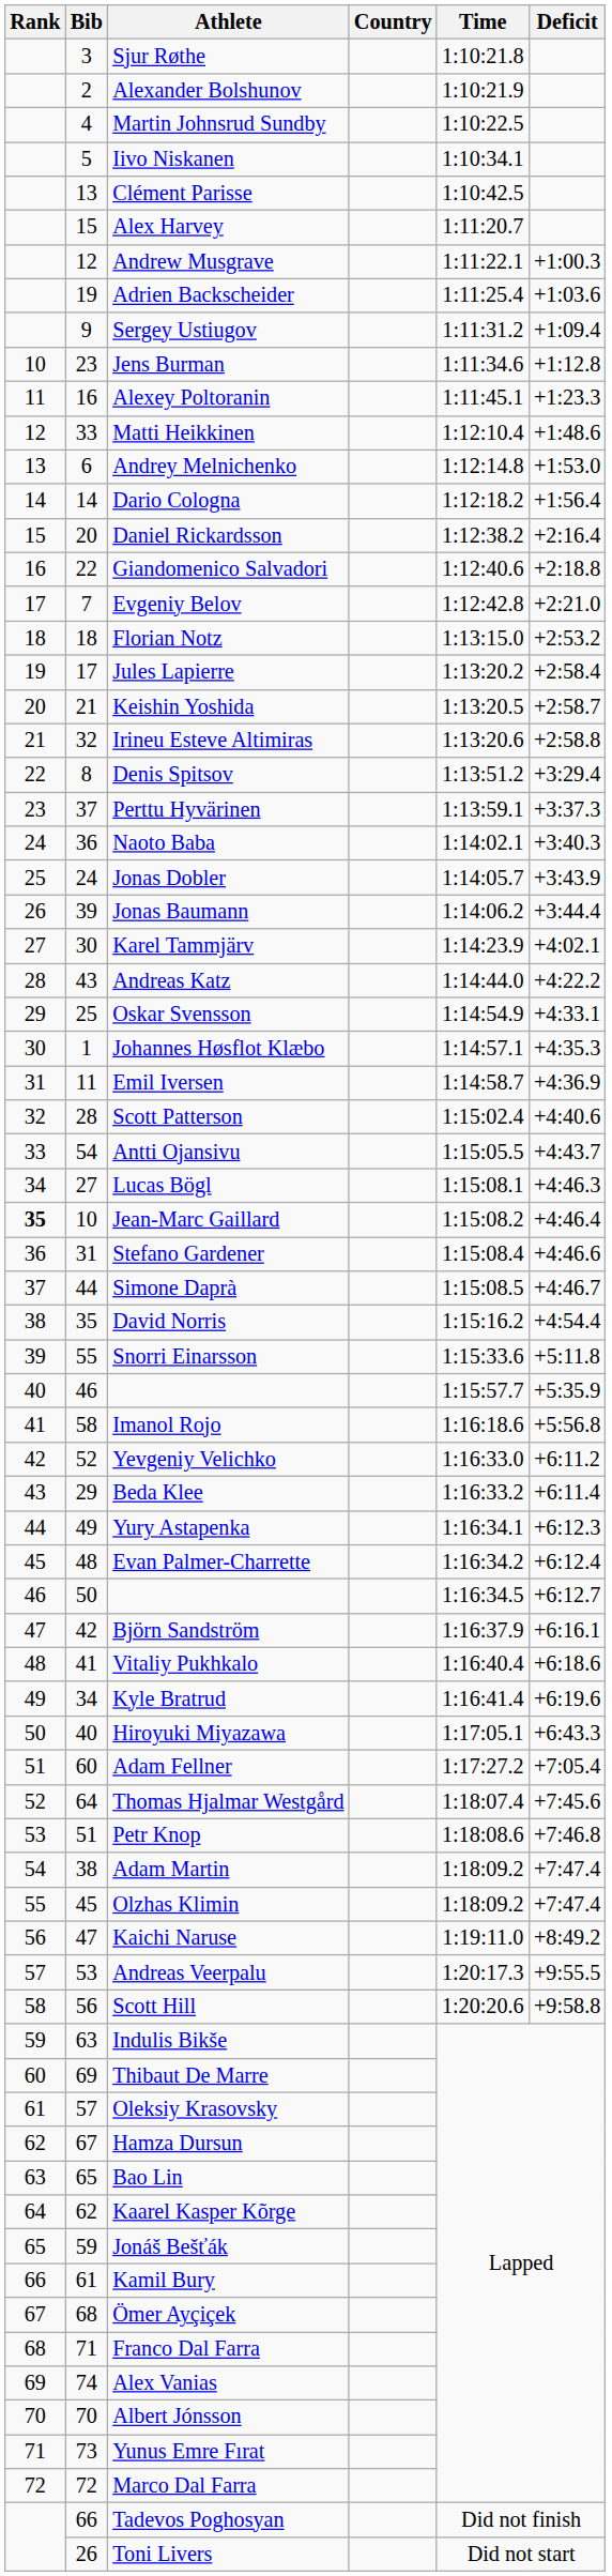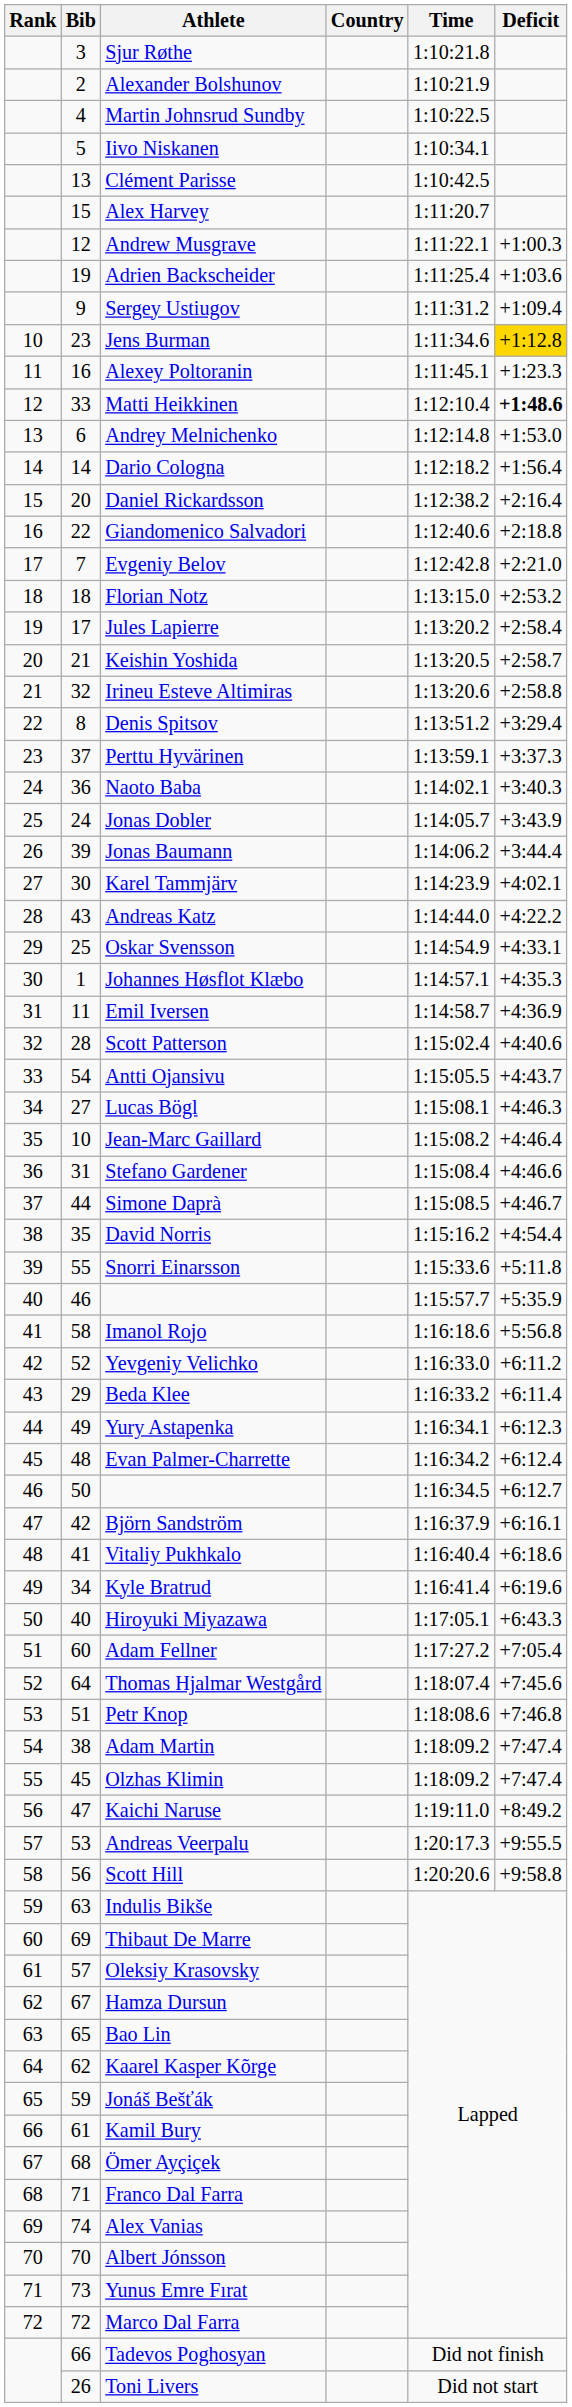 <table class="wikitable sortable" style="text-align:center">
 <tr>
 <th>Rank</th>
 <th>Bib</th>
 <th>Athlete</th>
 <th>Country</th>
 <th>Time</th>
 <th>Deficit</th>
 </tr>
 <tr>
 <td></td>
 <td>3</td>
 <td align=left><a href='#'>Sjur Røthe</a></td>
 <td align=left></td>
 <td>1:10:21.8</td>
 <td></td>
 </tr>
 <tr>
 <td></td>
 <td>2</td>
 <td align=left><a href='#'>Alexander Bolshunov</a></td>
 <td align=left></td>
 <td>1:10:21.9</td>
 <td></td>
 </tr>
 <tr>
 <td></td>
 <td>4</td>
 <td align=left><a href='#'>Martin Johnsrud Sundby</a></td>
 <td align=left></td>
 <td>1:10:22.5</td>
 <td></td>
 </tr>
 <tr>
 <td></td>
 <td>5</td>
 <td align=left><a href='#'>Iivo Niskanen</a></td>
 <td align=left></td>
 <td>1:10:34.1</td>
 <td></td>
 </tr>
 <tr>
 <td></td>
 <td>13</td>
 <td align=left><a href='#'>Clément Parisse</a></td>
 <td align=left></td>
 <td>1:10:42.5</td>
 <td></td>
 </tr>
 <tr>
 <td></td>
 <td>15</td>
 <td align=left><a href='#'>Alex Harvey</a></td>
 <td align=left></td>
 <td>1:11:20.7</td>
 <td></td>
 </tr>
 <tr>
 <td></td>
 <td>12</td>
 <td align=left><a href='#'>Andrew Musgrave</a></td>
 <td align=left></td>
 <td>1:11:22.1</td>
 <td>+1:00.3</td>
 </tr>
 <tr>
 <td></td>
 <td>19</td>
 <td align=left><a href='#'>Adrien Backscheider</a></td>
 <td align=left></td>
 <td>1:11:25.4</td>
 <td>+1:03.6</td>
 </tr>
 <tr>
 <td></td>
 <td>9</td>
 <td align=left><a href='#'>Sergey Ustiugov</a></td>
 <td align=left></td>
 <td>1:11:31.2</td>
 <td>+1:09.4</td>
 </tr>
 <tr>
 <td>10</td>
 <td>23</td>
 <td align=left><a href='#'>Jens Burman</a></td>
 <td align=left></td>
 <td>1:11:34.6</td>
-<td>+1:12.8</td>
+<td style="background: gold;">+1:12.8</td>
 </tr>
 <tr>
 <td>11</td>
 <td>16</td>
 <td align=left><a href='#'>Alexey Poltoranin</a></td>
 <td align=left></td>
 <td>1:11:45.1</td>
 <td>+1:23.3</td>
 </tr>
 <tr>
 <td>12</td>
 <td>33</td>
 <td align=left><a href='#'>Matti Heikkinen</a></td>
 <td align=left></td>
 <td>1:12:10.4</td>
-<td>+1:48.6</td>
+<td><strong>+1:48.6</strong></td>
 </tr>
 <tr>
 <td>13</td>
 <td>6</td>
 <td align=left><a href='#'>Andrey Melnichenko</a></td>
 <td align=left></td>
 <td>1:12:14.8</td>
 <td>+1:53.0</td>
 </tr>
 <tr>
 <td>14</td>
 <td>14</td>
 <td align=left><a href='#'>Dario Cologna</a></td>
 <td align=left></td>
 <td>1:12:18.2</td>
 <td>+1:56.4</td>
 </tr>
 <tr>
 <td>15</td>
 <td>20</td>
 <td align=left><a href='#'>Daniel Rickardsson</a></td>
 <td align=left></td>
 <td>1:12:38.2</td>
 <td>+2:16.4</td>
 </tr>
 <tr>
 <td>16</td>
 <td>22</td>
 <td align=left><a href='#'>Giandomenico Salvadori</a></td>
 <td align=left></td>
 <td>1:12:40.6</td>
 <td>+2:18.8</td>
 </tr>
 <tr>
 <td>17</td>
 <td>7</td>
 <td align=left><a href='#'>Evgeniy Belov</a></td>
 <td align=left></td>
 <td>1:12:42.8</td>
 <td>+2:21.0</td>
 </tr>
 <tr>
 <td>18</td>
 <td>18</td>
 <td align=left><a href='#'>Florian Notz</a></td>
 <td align=left></td>
 <td>1:13:15.0</td>
 <td>+2:53.2</td>
 </tr>
 <tr>
 <td>19</td>
 <td>17</td>
 <td align=left><a href='#'>Jules Lapierre</a></td>
 <td align=left></td>
 <td>1:13:20.2</td>
 <td>+2:58.4</td>
 </tr>
 <tr>
 <td>20</td>
 <td>21</td>
 <td align=left><a href='#'>Keishin Yoshida</a></td>
 <td align=left></td>
 <td>1:13:20.5</td>
 <td>+2:58.7</td>
 </tr>
 <tr>
 <td>21</td>
 <td>32</td>
 <td align=left><a href='#'>Irineu Esteve Altimiras</a></td>
 <td align=left></td>
 <td>1:13:20.6</td>
 <td>+2:58.8</td>
 </tr>
 <tr>
 <td>22</td>
 <td>8</td>
 <td align=left><a href='#'>Denis Spitsov</a></td>
 <td align=left></td>
 <td>1:13:51.2</td>
 <td>+3:29.4</td>
 </tr>
 <tr>
 <td>23</td>
 <td>37</td>
 <td align=left><a href='#'>Perttu Hyvärinen</a></td>
 <td align=left></td>
 <td>1:13:59.1</td>
 <td>+3:37.3</td>
 </tr>
 <tr>
 <td>24</td>
 <td>36</td>
 <td align=left><a href='#'>Naoto Baba</a></td>
 <td align=left></td>
 <td>1:14:02.1</td>
 <td>+3:40.3</td>
 </tr>
 <tr>
 <td>25</td>
 <td>24</td>
 <td align=left><a href='#'>Jonas Dobler</a></td>
 <td align=left></td>
 <td>1:14:05.7</td>
 <td>+3:43.9</td>
 </tr>
 <tr>
 <td>26</td>
 <td>39</td>
 <td align=left><a href='#'>Jonas Baumann</a></td>
 <td align=left></td>
 <td>1:14:06.2</td>
 <td>+3:44.4</td>
 </tr>
 <tr>
 <td>27</td>
 <td>30</td>
 <td align=left><a href='#'>Karel Tammjärv</a></td>
 <td align=left></td>
 <td>1:14:23.9</td>
 <td>+4:02.1</td>
 </tr>
 <tr>
 <td>28</td>
 <td>43</td>
 <td align=left><a href='#'>Andreas Katz</a></td>
 <td align=left></td>
 <td>1:14:44.0</td>
 <td>+4:22.2</td>
 </tr>
 <tr>
 <td>29</td>
 <td>25</td>
 <td align=left><a href='#'>Oskar Svensson</a></td>
 <td align=left></td>
 <td>1:14:54.9</td>
 <td>+4:33.1</td>
 </tr>
 <tr>
 <td>30</td>
 <td>1</td>
 <td align=left><a href='#'>Johannes Høsflot Klæbo</a></td>
 <td align=left></td>
 <td>1:14:57.1</td>
 <td>+4:35.3</td>
 </tr>
 <tr>
 <td>31</td>
 <td>11</td>
 <td align=left><a href='#'>Emil Iversen</a></td>
 <td align=left></td>
 <td>1:14:58.7</td>
 <td>+4:36.9</td>
 </tr>
 <tr>
 <td>32</td>
 <td>28</td>
 <td align=left><a href='#'>Scott Patterson</a></td>
 <td align=left></td>
 <td>1:15:02.4</td>
 <td>+4:40.6</td>
 </tr>
 <tr>
 <td>33</td>
 <td>54</td>
 <td align=left><a href='#'>Antti Ojansivu</a></td>
 <td align=left></td>
 <td>1:15:05.5</td>
 <td>+4:43.7</td>
 </tr>
 <tr>
 <td>34</td>
 <td>27</td>
 <td align=left><a href='#'>Lucas Bögl</a></td>
 <td align=left></td>
 <td>1:15:08.1</td>
 <td>+4:46.3</td>
 </tr>
 <tr>
-<td><strong>35</strong></td>
+<td>35</td>
 <td>10</td>
 <td align=left><a href='#'>Jean-Marc Gaillard</a></td>
 <td align=left></td>
 <td>1:15:08.2</td>
 <td>+4:46.4</td>
 </tr>
 <tr>
 <td>36</td>
 <td>31</td>
 <td align=left><a href='#'>Stefano Gardener</a></td>
 <td align=left></td>
 <td>1:15:08.4</td>
 <td>+4:46.6</td>
 </tr>
 <tr>
 <td>37</td>
 <td>44</td>
 <td align=left><a href='#'>Simone Daprà</a></td>
 <td align=left></td>
 <td>1:15:08.5</td>
 <td>+4:46.7</td>
 </tr>
 <tr>
 <td>38</td>
 <td>35</td>
 <td align=left><a href='#'>David Norris</a></td>
 <td align=left></td>
 <td>1:15:16.2</td>
 <td>+4:54.4</td>
 </tr>
 <tr>
 <td>39</td>
 <td>55</td>
 <td align=left><a href='#'>Snorri Einarsson</a></td>
 <td align=left></td>
 <td>1:15:33.6</td>
 <td>+5:11.8</td>
 </tr>
 <tr>
 <td>40</td>
 <td>46</td>
 <td align=left></td>
 <td align=left></td>
 <td>1:15:57.7</td>
 <td>+5:35.9</td>
 </tr>
 <tr>
 <td>41</td>
 <td>58</td>
 <td align=left><a href='#'>Imanol Rojo</a></td>
 <td align=left></td>
 <td>1:16:18.6</td>
 <td>+5:56.8</td>
 </tr>
 <tr>
 <td>42</td>
 <td>52</td>
 <td align=left><a href='#'>Yevgeniy Velichko</a></td>
 <td align=left></td>
 <td>1:16:33.0</td>
 <td>+6:11.2</td>
 </tr>
 <tr>
 <td>43</td>
 <td>29</td>
 <td align=left><a href='#'>Beda Klee</a></td>
 <td align=left></td>
 <td>1:16:33.2</td>
 <td>+6:11.4</td>
 </tr>
 <tr>
 <td>44</td>
 <td>49</td>
 <td align=left><a href='#'>Yury Astapenka</a></td>
 <td align=left></td>
 <td>1:16:34.1</td>
 <td>+6:12.3</td>
 </tr>
 <tr>
 <td>45</td>
 <td>48</td>
 <td align=left><a href='#'>Evan Palmer-Charrette</a></td>
 <td align=left></td>
 <td>1:16:34.2</td>
 <td>+6:12.4</td>
 </tr>
 <tr>
 <td>46</td>
 <td>50</td>
 <td align=left></td>
 <td align=left></td>
 <td>1:16:34.5</td>
 <td>+6:12.7</td>
 </tr>
 <tr>
 <td>47</td>
 <td>42</td>
 <td align=left><a href='#'>Björn Sandström</a></td>
 <td align=left></td>
 <td>1:16:37.9</td>
 <td>+6:16.1</td>
 </tr>
 <tr>
 <td>48</td>
 <td>41</td>
 <td align=left><a href='#'>Vitaliy Pukhkalo</a></td>
 <td align=left></td>
 <td>1:16:40.4</td>
 <td>+6:18.6</td>
 </tr>
 <tr>
 <td>49</td>
 <td>34</td>
 <td align=left><a href='#'>Kyle Bratrud</a></td>
 <td align=left></td>
 <td>1:16:41.4</td>
 <td>+6:19.6</td>
 </tr>
 <tr>
 <td>50</td>
 <td>40</td>
 <td align=left><a href='#'>Hiroyuki Miyazawa</a></td>
 <td align=left></td>
 <td>1:17:05.1</td>
 <td>+6:43.3</td>
 </tr>
 <tr>
 <td>51</td>
 <td>60</td>
 <td align=left><a href='#'>Adam Fellner</a></td>
 <td align=left></td>
 <td>1:17:27.2</td>
 <td>+7:05.4</td>
 </tr>
 <tr>
 <td>52</td>
 <td>64</td>
 <td align=left><a href='#'>Thomas Hjalmar Westgård</a></td>
 <td align=left></td>
 <td>1:18:07.4</td>
 <td>+7:45.6</td>
 </tr>
 <tr>
 <td>53</td>
 <td>51</td>
 <td align=left><a href='#'>Petr Knop</a></td>
 <td align=left></td>
 <td>1:18:08.6</td>
 <td>+7:46.8</td>
 </tr>
 <tr>
 <td>54</td>
 <td>38</td>
 <td align=left><a href='#'>Adam Martin</a></td>
 <td align=left></td>
 <td>1:18:09.2</td>
 <td>+7:47.4</td>
 </tr>
 <tr>
 <td>55</td>
 <td>45</td>
 <td align=left><a href='#'>Olzhas Klimin</a></td>
 <td align=left></td>
 <td>1:18:09.2</td>
 <td>+7:47.4</td>
 </tr>
 <tr>
 <td>56</td>
 <td>47</td>
 <td align=left><a href='#'>Kaichi Naruse</a></td>
 <td align=left></td>
 <td>1:19:11.0</td>
 <td>+8:49.2</td>
 </tr>
 <tr>
 <td>57</td>
 <td>53</td>
 <td align=left><a href='#'>Andreas Veerpalu</a></td>
 <td align=left></td>
 <td>1:20:17.3</td>
 <td>+9:55.5</td>
 </tr>
 <tr>
 <td>58</td>
 <td>56</td>
 <td align=left><a href='#'>Scott Hill</a></td>
 <td align=left></td>
 <td>1:20:20.6</td>
 <td>+9:58.8</td>
 </tr>
 <tr>
 <td>59</td>
 <td>63</td>
 <td align=left><a href='#'>Indulis Bikše</a></td>
 <td align=left></td>
 <td colspan=2 rowspan=14>Lapped</td>
 </tr>
 <tr>
 <td>60</td>
 <td>69</td>
 <td align=left><a href='#'>Thibaut De Marre</a></td>
 <td align=left></td>
 </tr>
 <tr>
 <td>61</td>
 <td>57</td>
 <td align=left><a href='#'>Oleksiy Krasovsky</a></td>
 <td align=left></td>
 </tr>
 <tr>
 <td>62</td>
 <td>67</td>
 <td align=left><a href='#'>Hamza Dursun</a></td>
 <td align=left></td>
 </tr>
 <tr>
 <td>63</td>
 <td>65</td>
 <td align=left><a href='#'>Bao Lin</a></td>
 <td align=left></td>
 </tr>
 <tr>
 <td>64</td>
 <td>62</td>
 <td align=left><a href='#'>Kaarel Kasper Kõrge</a></td>
 <td align=left></td>
 </tr>
 <tr>
 <td>65</td>
 <td>59</td>
 <td align=left><a href='#'>Jonáš Bešťák</a></td>
 <td align=left></td>
 </tr>
 <tr>
 <td>66</td>
 <td>61</td>
 <td align=left><a href='#'>Kamil Bury</a></td>
 <td align=left></td>
 </tr>
 <tr>
 <td>67</td>
 <td>68</td>
 <td align=left><a href='#'>Ömer Ayçiçek</a></td>
 <td align=left></td>
 </tr>
 <tr>
 <td>68</td>
 <td>71</td>
 <td align=left><a href='#'>Franco Dal Farra</a></td>
 <td align=left></td>
 </tr>
 <tr>
 <td>69</td>
 <td>74</td>
 <td align=left><a href='#'>Alex Vanias</a></td>
 <td align=left></td>
 </tr>
 <tr>
 <td>70</td>
 <td>70</td>
 <td align=left><a href='#'>Albert Jónsson</a></td>
 <td align=left></td>
 </tr>
 <tr>
 <td>71</td>
 <td>73</td>
 <td align=left><a href='#'>Yunus Emre Fırat</a></td>
 <td align=left></td>
 </tr>
 <tr>
 <td>72</td>
 <td>72</td>
 <td align=left><a href='#'>Marco Dal Farra</a></td>
 <td align=left></td>
 </tr>
 <tr>
 <td rowspan=2></td>
 <td>66</td>
 <td align=left><a href='#'>Tadevos Poghosyan</a></td>
 <td align=left></td>
 <td colspan=2>Did not finish</td>
 </tr>
 <tr>
 <td>26</td>
 <td align=left><a href='#'>Toni Livers</a></td>
 <td align=left></td>
 <td colspan=2>Did not start</td>
 </tr>
 </table>
